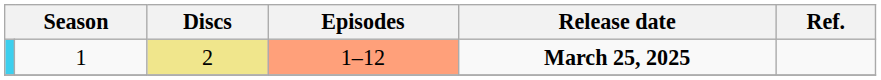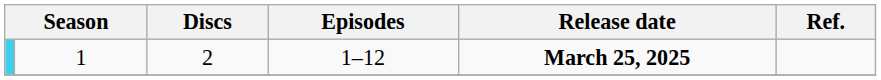 <table class="wikitable" style="text-align: center; width: 50%;">
 <tr>
 <th colspan="2">Season</th>
 <th>Discs</th>
 <th>Episodes</th>
 <th>Release date</th>
 <th>Ref.</th>
 </tr>
 <tr>
 <td rowspan="1" width="1%" style="background: #3CCFEE;"></td>
 <td>1</td>
-<td style="background: khaki;">2</td>
-<td style="background: lightsalmon;">1–12</td>
+<td>2</td>
+<td>1–12</td>
 <td><strong>March 25, 2025</strong></td>
 <td></td>
 </tr>
 <tr>
 </tr>
 </table>
